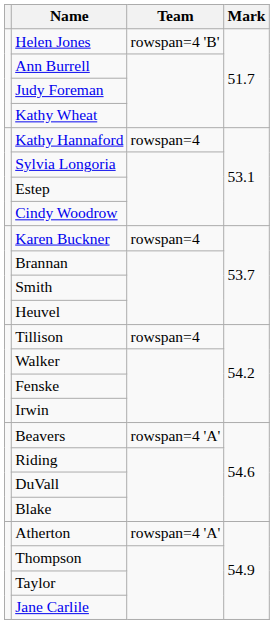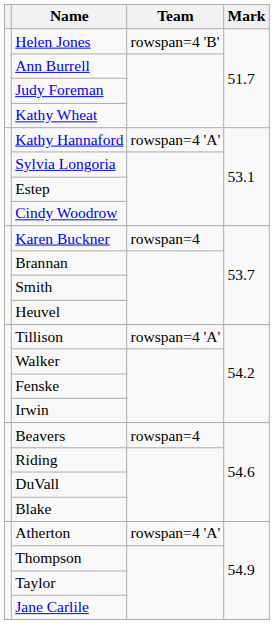 <table class=wikitable>
 <tr>
 <th></th>
 <th>Name</th>
 <th>Team</th>
 <th>Mark</th>
 </tr>
 <tr>
 <td rowspan=4></td>
 <td><a href='#'>Helen Jones</a></td>
 <td>rowspan=4  'B'</td>
 <td rowspan=4>51.7</td>
 </tr>
 <tr>
 <td><a href='#'>Ann Burrell</a></td>
 </tr>
 <tr>
 <td><a href='#'>Judy Foreman</a></td>
 </tr>
 <tr>
 <td><a href='#'>Kathy Wheat</a></td>
 </tr>
 <tr>
 <td rowspan=4></td>
 <td><a href='#'>Kathy Hannaford</a></td>
-<td>rowspan=4 </td>
+<td>rowspan=4  'A'</td>
 <td rowspan=4>53.1</td>
 </tr>
 <tr>
 <td><a href='#'>Sylvia Longoria</a></td>
 </tr>
 <tr>
 <td>Estep</td>
 </tr>
 <tr>
 <td><a href='#'>Cindy Woodrow</a></td>
 </tr>
 <tr>
 <td rowspan=4></td>
 <td><a href='#'>Karen Buckner</a></td>
 <td>rowspan=4 </td>
 <td rowspan=4>53.7</td>
 </tr>
 <tr>
 <td>Brannan</td>
 </tr>
 <tr>
 <td>Smith</td>
 </tr>
 <tr>
 <td>Heuvel</td>
 </tr>
 <tr>
 <td rowspan=4></td>
 <td>Tillison</td>
-<td>rowspan=4 </td>
+<td>rowspan=4  'A'</td>
 <td rowspan=4>54.2</td>
 </tr>
 <tr>
 <td>Walker</td>
 </tr>
 <tr>
 <td>Fenske</td>
 </tr>
 <tr>
 <td>Irwin</td>
 </tr>
 <tr>
 <td rowspan=4></td>
 <td>Beavers</td>
-<td>rowspan=4  'A'</td>
+<td>rowspan=4 </td>
 <td rowspan=4>54.6</td>
 </tr>
 <tr>
 <td>Riding</td>
 </tr>
 <tr>
 <td>DuVall</td>
 </tr>
 <tr>
 <td>Blake</td>
 </tr>
 <tr>
 <td rowspan=4></td>
 <td>Atherton</td>
 <td>rowspan=4  'A'</td>
 <td rowspan=4>54.9</td>
 </tr>
 <tr>
 <td>Thompson</td>
 </tr>
 <tr>
 <td>Taylor</td>
 </tr>
 <tr>
 <td><a href='#'>Jane Carlile</a></td>
 </tr>
 </table>
